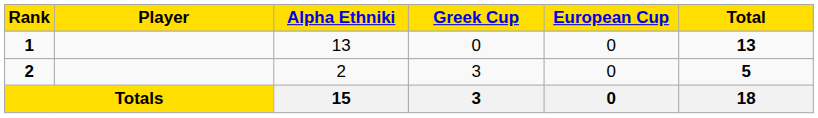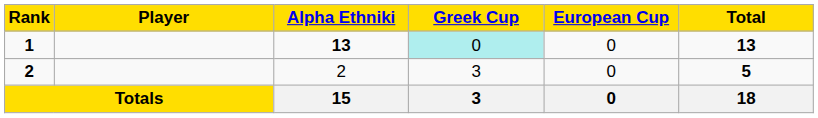 <table class="wikitable sortable" style="text-align:center">
 <tr>
 <th style="background:#FFDE00">Rank</th>
 <th width=200 style="background:#FFDE00">Player</th>
 <th width=120 style="background:#FFDE00"><a href='#'>Alpha Ethniki</a></th>
 <th width=120 style="background:#FFDE00"><a href='#'>Greek Cup</a></th>
 <th width=120 style="background:#FFDE00"><a href='#'>European Cup</a></th>
 <th width=120 style="background:#FFDE00">Total</th>
 </tr>
 <tr>
 <td><strong>1</strong></td>
 <td align=left></td>
-<td>13</td>
-<td>0</td>
+<td><strong>13</strong></td>
+<td style="background: paleturquoise;">0</td>
 <td>0</td>
 <td><strong>13</strong></td>
 </tr>
 <tr>
 <td><strong>2</strong></td>
 <td align=left></td>
 <td>2</td>
 <td>3</td>
 <td>0</td>
 <td><strong>5</strong></td>
 </tr>
 <tr class="sortbottom">
 <th colspan=2 style="background:#FFDE00"><strong>Totals</strong></th>
 <th><strong>15</strong></th>
 <th><strong> 3</strong></th>
 <th><strong> 0</strong></th>
 <th><strong>18</strong></th>
 </tr>
 </table>
